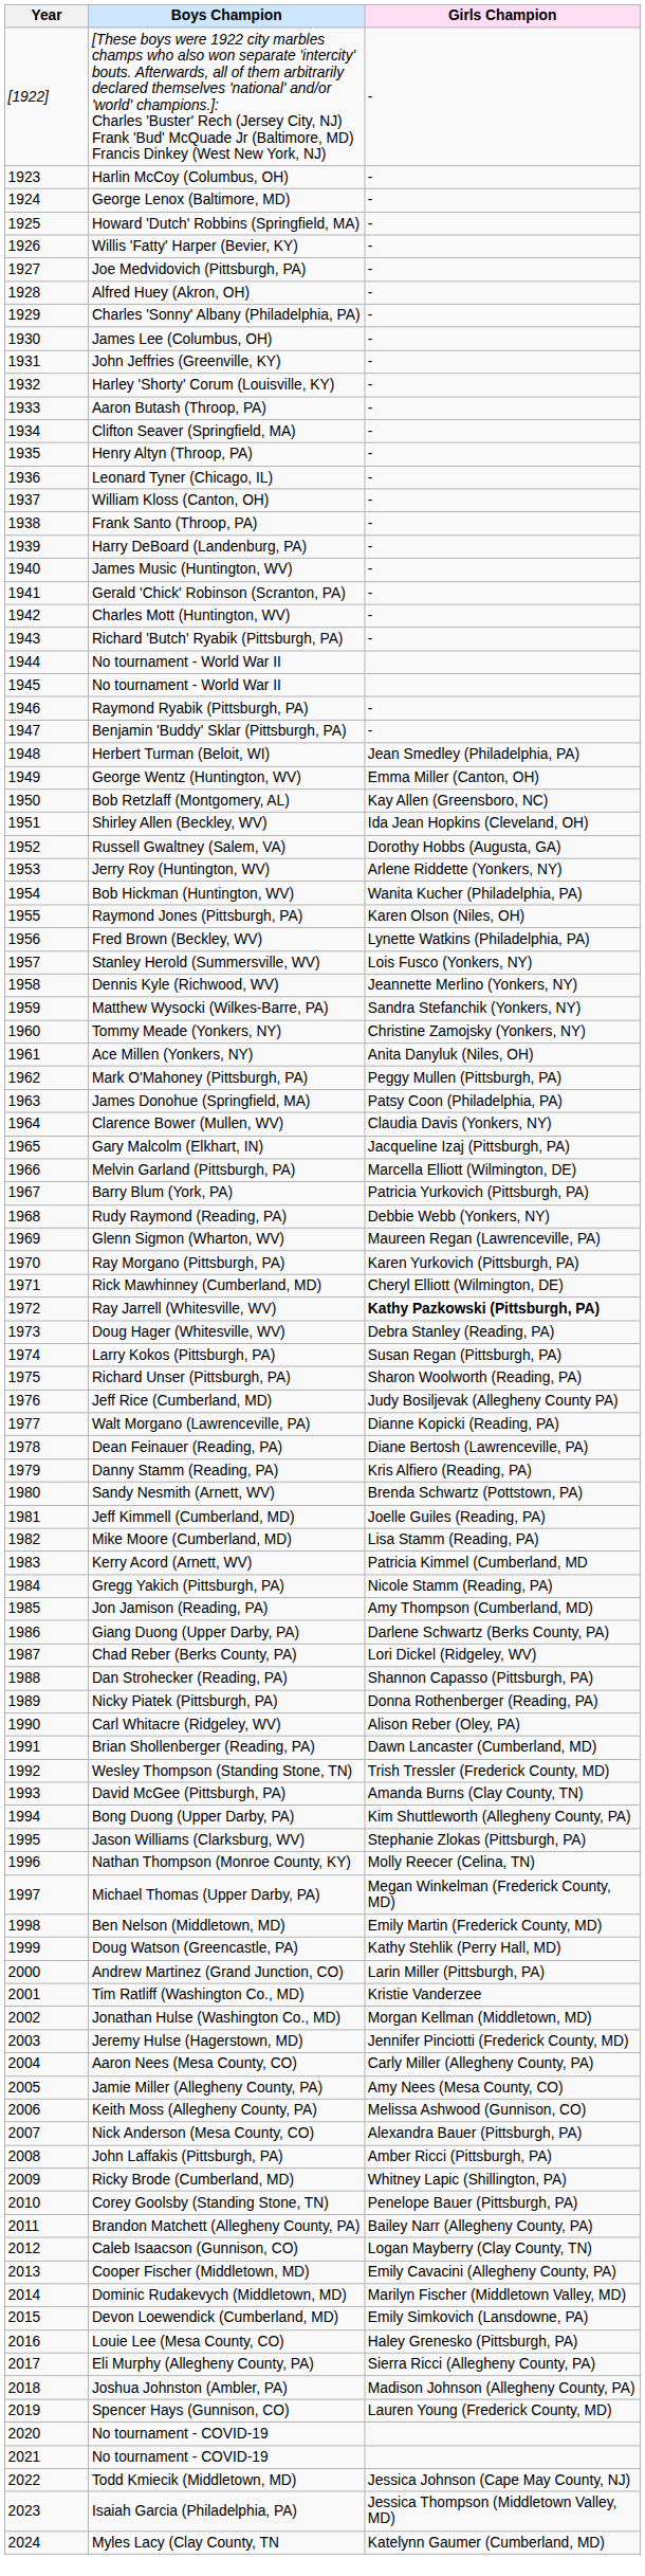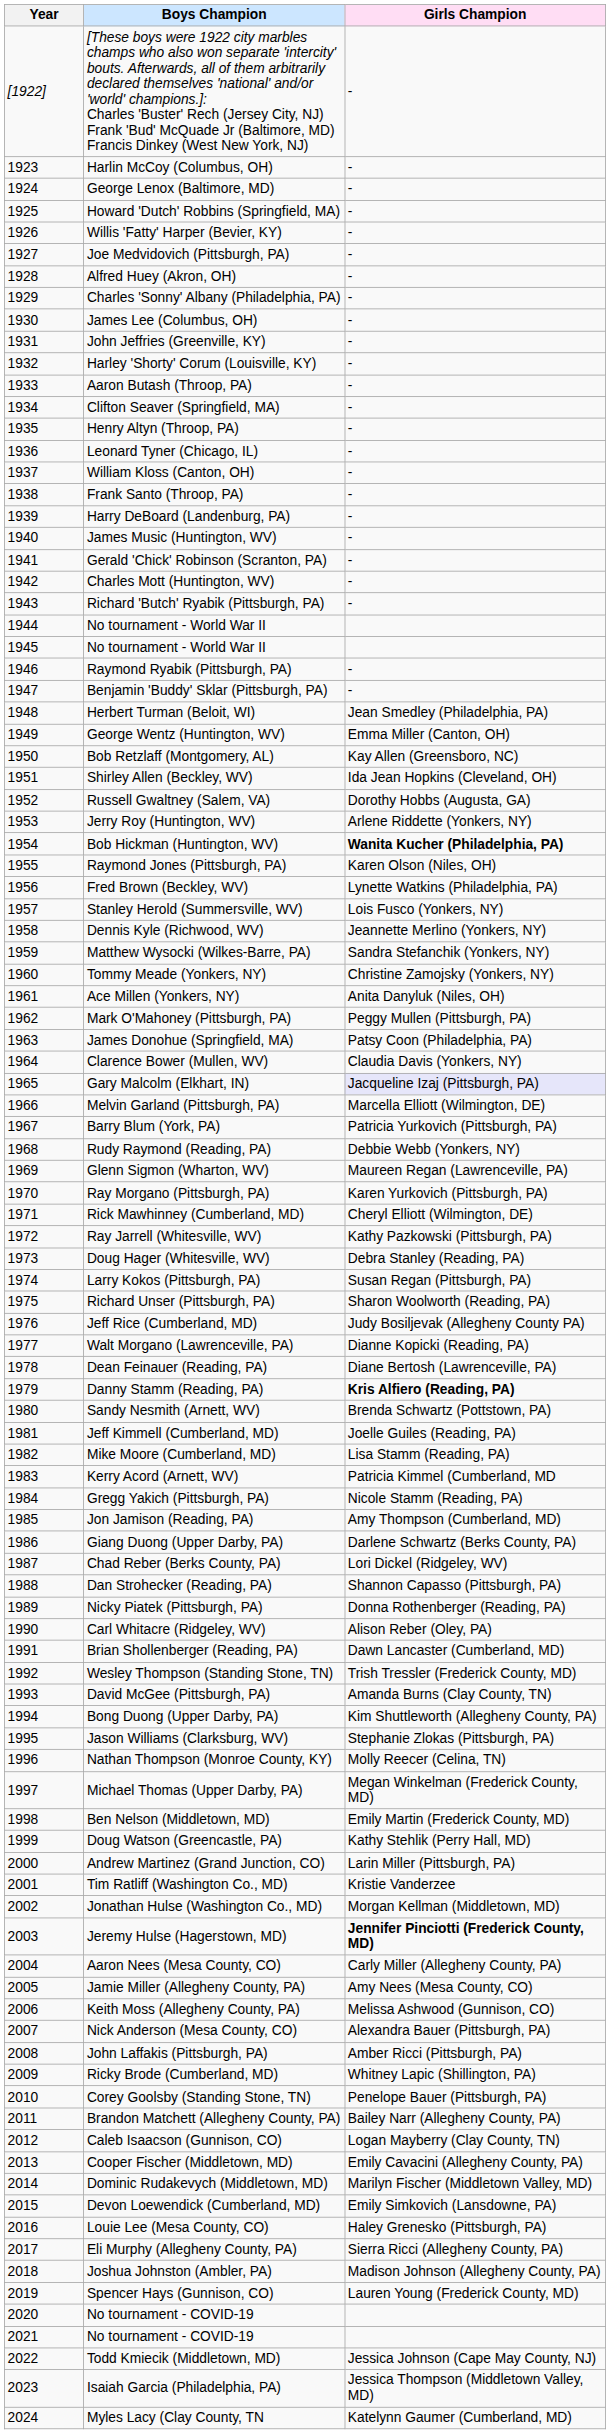 <table class="wikitable" style="text-align: left; width: 700px;">
 <tr>
 <th width="80">Year</th>
 <th width="280" style="background-color: #cce6ff">Boys Champion</th>
 <th width="280" style="background-color: #ffddf4">Girls Champion</th>
 </tr>
 <tr>
 <td><em>[1922]</em> </td>
 <td><em>[These boys were 1922 city marbles champs who also won separate 'intercity' bouts. Afterwards, all of them arbitrarily declared themselves 'national' and/or 'world' champions.]:</em><br>Charles 'Buster' Rech (Jersey City, NJ) <br>Frank 'Bud' McQuade Jr (Baltimore, MD) <br>Francis Dinkey (West New York, NJ) </td>
 <td>-</td>
 </tr>
 <tr>
 <td>1923 </td>
 <td>Harlin McCoy (Columbus, OH)  </td>
 <td>-</td>
 </tr>
 <tr>
 <td>1924</td>
 <td>George Lenox  (Baltimore, MD) </td>
 <td>-</td>
 </tr>
 <tr>
 <td>1925</td>
 <td>Howard 'Dutch' Robbins (Springfield, MA)  </td>
 <td>-</td>
 </tr>
 <tr>
 <td>1926</td>
 <td>Willis 'Fatty' Harper (Bevier, KY)  </td>
 <td>-</td>
 </tr>
 <tr>
 <td>1927</td>
 <td>Joe Medvidovich (Pittsburgh, PA)  </td>
 <td>-</td>
 </tr>
 <tr>
 <td>1928</td>
 <td>Alfred Huey (Akron, OH)  </td>
 <td>-</td>
 </tr>
 <tr>
 <td>1929 </td>
 <td>Charles 'Sonny' Albany (Philadelphia, PA)  </td>
 <td>-</td>
 </tr>
 <tr>
 <td>1930</td>
 <td>James Lee (Columbus, OH)  </td>
 <td>-</td>
 </tr>
 <tr>
 <td>1931</td>
 <td>John Jeffries (Greenville, KY)  </td>
 <td>-</td>
 </tr>
 <tr>
 <td>1932</td>
 <td>Harley 'Shorty' Corum (Louisville, KY)  </td>
 <td>-</td>
 </tr>
 <tr>
 <td>1933</td>
 <td>Aaron Butash (Throop, PA)  </td>
 <td>-</td>
 </tr>
 <tr>
 <td>1934</td>
 <td>Clifton Seaver (Springfield, MA) </td>
 <td>-</td>
 </tr>
 <tr>
 <td>1935</td>
 <td>Henry Altyn (Throop, PA)  </td>
 <td>-</td>
 </tr>
 <tr>
 <td>1936</td>
 <td>Leonard Tyner (Chicago, IL) </td>
 <td>-</td>
 </tr>
 <tr>
 <td>1937 </td>
 <td>William Kloss (Canton, OH) </td>
 <td>-</td>
 </tr>
 <tr>
 <td>1938</td>
 <td>Frank Santo (Throop, PA) </td>
 <td>-</td>
 </tr>
 <tr>
 <td>1939</td>
 <td>Harry DeBoard (Landenburg, PA) </td>
 <td>-</td>
 </tr>
 <tr>
 <td>1940</td>
 <td>James Music (Huntington, WV) </td>
 <td>-</td>
 </tr>
 <tr>
 <td>1941</td>
 <td>Gerald 'Chick' Robinson (Scranton, PA) </td>
 <td>-</td>
 </tr>
 <tr>
 <td>1942</td>
 <td>Charles Mott (Huntington, WV) </td>
 <td>-</td>
 </tr>
 <tr>
 <td>1943 </td>
 <td>Richard 'Butch' Ryabik (Pittsburgh, PA) </td>
 <td>-</td>
 </tr>
 <tr>
 <td>1944</td>
 <td>No tournament - World War II</td>
 <td></td>
 </tr>
 <tr>
 <td>1945</td>
 <td>No tournament - World War II</td>
 <td></td>
 </tr>
 <tr>
 <td>1946</td>
 <td>Raymond Ryabik (Pittsburgh, PA) </td>
 <td>-</td>
 </tr>
 <tr>
 <td>1947</td>
 <td>Benjamin 'Buddy' Sklar (Pittsburgh, PA) </td>
 <td>-</td>
 </tr>
 <tr>
 <td>1948</td>
 <td>Herbert Turman (Beloit, WI)</td>
 <td>Jean Smedley (Philadelphia, PA)</td>
 </tr>
 <tr>
 <td>1949 </td>
 <td>George Wentz (Huntington, WV)</td>
 <td>Emma Miller (Canton, OH)</td>
 </tr>
 <tr>
 <td>1950</td>
 <td>Bob Retzlaff (Montgomery, AL)</td>
 <td>Kay Allen (Greensboro, NC)</td>
 </tr>
 <tr>
 <td>1951</td>
 <td>Shirley Allen (Beckley, WV)</td>
 <td>Ida Jean Hopkins (Cleveland, OH)</td>
 </tr>
 <tr>
 <td>1952</td>
 <td>Russell Gwaltney (Salem, VA) </td>
 <td>Dorothy Hobbs (Augusta, GA)</td>
 </tr>
 <tr>
 <td>1953</td>
 <td>Jerry Roy (Huntington, WV)</td>
 <td>Arlene Riddette (Yonkers, NY)</td>
 </tr>
 <tr>
 <td>1954</td>
 <td>Bob Hickman (Huntington, WV)</td>
-<td>Wanita Kucher	(Philadelphia, PA)</td>
+<td><strong>Wanita Kucher	(Philadelphia, PA)</strong></td>
 </tr>
 <tr>
 <td>1955</td>
 <td>Raymond Jones (Pittsburgh, PA)</td>
 <td>Karen Olson (Niles, OH)</td>
 </tr>
 <tr>
 <td>1956</td>
 <td>Fred Brown (Beckley, WV)</td>
 <td>Lynette Watkins (Philadelphia, PA)</td>
 </tr>
 <tr>
 <td>1957</td>
 <td>Stanley Herold (Summersville, WV)</td>
 <td>Lois Fusco (Yonkers, NY)</td>
 </tr>
 <tr>
 <td>1958</td>
 <td>Dennis Kyle (Richwood, WV)</td>
 <td>Jeannette Merlino	(Yonkers, NY)</td>
 </tr>
 <tr>
 <td>1959</td>
 <td>Matthew Wysocki (Wilkes-Barre, PA)</td>
 <td>Sandra Stefanchik (Yonkers, NY)</td>
 </tr>
 <tr>
 <td>1960 </td>
 <td>Tommy Meade (Yonkers, NY)</td>
 <td>Christine Zamojsky (Yonkers, NY)</td>
 </tr>
 <tr>
 <td>1961</td>
 <td>Ace Millen (Yonkers, NY)</td>
 <td>Anita Danyluk (Niles, OH)</td>
 </tr>
 <tr>
 <td>1962</td>
 <td>Mark O'Mahoney (Pittsburgh, PA)</td>
 <td>Peggy Mullen (Pittsburgh, PA)</td>
 </tr>
 <tr>
 <td>1963</td>
 <td>James Donohue (Springfield, MA)</td>
 <td>Patsy Coon (Philadelphia, PA)</td>
 </tr>
 <tr>
 <td>1964</td>
 <td>Clarence Bower (Mullen, WV)</td>
 <td>Claudia Davis (Yonkers, NY)</td>
 </tr>
 <tr>
 <td>1965</td>
 <td>Gary Malcolm (Elkhart, IN)</td>
-<td>Jacqueline Izaj (Pittsburgh, PA)</td>
+<td style="background: lavender;">Jacqueline Izaj (Pittsburgh, PA)</td>
 </tr>
 <tr>
 <td>1966</td>
 <td>Melvin Garland (Pittsburgh, PA)</td>
 <td>Marcella Elliott	(Wilmington, DE)</td>
 </tr>
 <tr>
 <td>1967</td>
 <td>Barry Blum (York, PA)</td>
 <td>Patricia Yurkovich (Pittsburgh, PA)</td>
 </tr>
 <tr>
 <td>1968</td>
 <td>Rudy Raymond (Reading, PA)</td>
 <td>Debbie Webb (Yonkers, NY)</td>
 </tr>
 <tr>
 <td>1969</td>
 <td>Glenn Sigmon (Wharton, WV)</td>
 <td>Maureen Regan (Lawrenceville, PA)</td>
 </tr>
 <tr>
 <td>1970</td>
 <td>Ray Morgano (Pittsburgh, PA)</td>
 <td>Karen Yurkovich (Pittsburgh, PA)</td>
 </tr>
 <tr>
 <td>1971</td>
 <td>Rick Mawhinney (Cumberland, MD)</td>
 <td>Cheryl Elliott (Wilmington, DE)</td>
 </tr>
 <tr>
 <td>1972</td>
 <td>Ray Jarrell (Whitesville, WV)</td>
-<td><strong>Kathy Pazkowski (Pittsburgh, PA)</strong></td>
+<td>Kathy Pazkowski (Pittsburgh, PA)</td>
 </tr>
 <tr>
 <td>1973</td>
 <td>Doug Hager (Whitesville, WV)</td>
 <td>Debra Stanley (Reading, PA) </td>
 </tr>
 <tr>
 <td>1974</td>
 <td>Larry Kokos (Pittsburgh, PA)</td>
 <td>Susan Regan (Pittsburgh, PA)</td>
 </tr>
 <tr>
 <td>1975</td>
 <td>Richard Unser (Pittsburgh, PA) </td>
 <td>Sharon Woolworth (Reading, PA)</td>
 </tr>
 <tr>
 <td>1976</td>
 <td>Jeff Rice (Cumberland, MD)</td>
 <td>Judy Bosiljevak (Allegheny County	PA)</td>
 </tr>
 <tr>
 <td>1977</td>
 <td>Walt Morgano (Lawrenceville, PA)</td>
 <td>Dianne Kopicki (Reading, PA)</td>
 </tr>
 <tr>
 <td>1978</td>
 <td>Dean Feinauer (Reading, PA)</td>
 <td>Diane Bertosh (Lawrenceville, PA)</td>
 </tr>
 <tr>
 <td>1979</td>
 <td>Danny Stamm (Reading, PA)</td>
-<td>Kris Alfiero (Reading, PA) </td>
+<td><strong>Kris Alfiero (Reading, PA) </strong></td>
 </tr>
 <tr>
 <td>1980</td>
 <td>Sandy Nesmith (Arnett, WV)</td>
 <td>Brenda Schwartz (Pottstown, PA)</td>
 </tr>
 <tr>
 <td>1981</td>
 <td>Jeff Kimmell (Cumberland, MD) </td>
 <td>Joelle Guiles (Reading, PA) </td>
 </tr>
 <tr>
 <td>1982</td>
 <td>Mike Moore (Cumberland, MD) </td>
 <td>Lisa Stamm (Reading, PA)</td>
 </tr>
 <tr>
 <td>1983</td>
 <td>Kerry Acord (Arnett, WV)</td>
 <td>Patricia Kimmel (Cumberland, MD</td>
 </tr>
 <tr>
 <td>1984</td>
 <td>Gregg Yakich (Pittsburgh, PA)</td>
 <td>Nicole Stamm (Reading, PA)</td>
 </tr>
 <tr>
 <td>1985</td>
 <td>Jon Jamison (Reading, PA)</td>
 <td>Amy Thompson (Cumberland, MD)</td>
 </tr>
 <tr>
 <td>1986</td>
 <td>Giang Duong	(Upper Darby, PA)</td>
 <td>Darlene Schwartz (Berks County, PA)</td>
 </tr>
 <tr>
 <td>1987</td>
 <td>Chad Reber (Berks County, PA)</td>
 <td>Lori Dickel (Ridgeley, WV)</td>
 </tr>
 <tr>
 <td>1988</td>
 <td>Dan Strohecker (Reading, PA)</td>
 <td>Shannon Capasso (Pittsburgh, PA) </td>
 </tr>
 <tr>
 <td>1989</td>
 <td>Nicky Piatek (Pittsburgh, PA) </td>
 <td>Donna Rothenberger (Reading, PA) </td>
 </tr>
 <tr>
 <td>1990</td>
 <td>Carl Whitacre (Ridgeley, WV) </td>
 <td>Alison Reber (Oley, PA) </td>
 </tr>
 <tr>
 <td>1991</td>
 <td>Brian Shollenberger (Reading, PA) </td>
 <td>Dawn Lancaster (Cumberland, MD) </td>
 </tr>
 <tr>
 <td>1992</td>
 <td>Wesley Thompson (Standing Stone, TN) </td>
 <td>Trish Tressler (Frederick County, MD) </td>
 </tr>
 <tr>
 <td>1993</td>
 <td>David McGee	(Pittsburgh, PA) </td>
 <td>Amanda Burns (Clay County, TN)</td>
 </tr>
 <tr>
 <td>1994</td>
 <td>Bong Duong (Upper Darby, PA) </td>
 <td>Kim Shuttleworth (Allegheny County, PA)  </td>
 </tr>
 <tr>
 <td>1995</td>
 <td>Jason Williams (Clarksburg, WV)</td>
 <td>Stephanie Zlokas (Pittsburgh, PA)</td>
 </tr>
 <tr>
 <td>1996</td>
 <td>Nathan Thompson (Monroe County, KY)</td>
 <td>Molly Reecer (Celina, TN)</td>
 </tr>
 <tr>
 <td>1997</td>
 <td>Michael Thomas (Upper Darby, PA)</td>
 <td>Megan Winkelman	 (Frederick County, MD) </td>
 </tr>
 <tr>
 <td>1998</td>
 <td>Ben Nelson (Middletown, MD)</td>
 <td>Emily Martin (Frederick County, MD)</td>
 </tr>
 <tr>
 <td>1999</td>
 <td>Doug Watson	(Greencastle, PA)</td>
 <td>Kathy Stehlik (Perry Hall, MD)</td>
 </tr>
 <tr>
 <td>2000</td>
 <td>Andrew Martinez (Grand Junction, CO)</td>
 <td>Larin Miller (Pittsburgh, PA)</td>
 </tr>
 <tr>
 <td>2001</td>
 <td>Tim Ratliff (Washington Co.,	MD)</td>
 <td>Kristie Vanderzee</td>
 </tr>
 <tr>
 <td>2002</td>
 <td>Jonathan Hulse (Washington Co., MD)</td>
 <td>Morgan Kellman (Middletown, MD)</td>
 </tr>
 <tr>
 <td>2003</td>
 <td>Jeremy Hulse (Hagerstown, MD)</td>
-<td>Jennifer Pinciotti (Frederick County, MD)</td>
+<td><strong>Jennifer Pinciotti (Frederick County, MD)</strong></td>
 </tr>
 <tr>
 <td>2004</td>
 <td>Aaron Nees (Mesa County, CO)</td>
 <td>Carly Miller (Allegheny County, PA)</td>
 </tr>
 <tr>
 <td>2005</td>
 <td>Jamie Miller (Allegheny County, PA)</td>
 <td>Amy Nees (Mesa County, CO)</td>
 </tr>
 <tr>
 <td>2006</td>
 <td>Keith Moss (Allegheny County, PA)</td>
 <td>Melissa Ashwood (Gunnison, CO)</td>
 </tr>
 <tr>
 <td>2007</td>
 <td>Nick Anderson (Mesa County, CO)</td>
 <td>Alexandra Bauer (Pittsburgh, PA)</td>
 </tr>
 <tr>
 <td>2008</td>
 <td>John Laffakis	(Pittsburgh, PA)</td>
 <td>Amber Ricci (Pittsburgh, PA)</td>
 </tr>
 <tr>
 <td>2009</td>
 <td>Ricky Brode (Cumberland, MD)</td>
 <td>Whitney Lapic (Shillington, PA)</td>
 </tr>
 <tr>
 <td>2010</td>
 <td>Corey Goolsby (Standing Stone, TN)</td>
 <td>Penelope Bauer (Pittsburgh, PA)</td>
 </tr>
 <tr>
 <td>2011</td>
 <td>Brandon Matchett (Allegheny County, PA)</td>
 <td>Bailey Narr (Allegheny County, PA)</td>
 </tr>
 <tr>
 <td>2012</td>
 <td>Caleb Isaacson (Gunnison, CO)</td>
 <td>Logan Mayberry (Clay County, TN)</td>
 </tr>
 <tr>
 <td>2013</td>
 <td>Cooper Fischer (Middletown, MD)</td>
 <td>Emily Cavacini (Allegheny County, PA)</td>
 </tr>
 <tr>
 <td>2014</td>
 <td>Dominic Rudakevych (Middletown, MD)</td>
 <td>Marilyn Fischer (Middletown Valley, MD) </td>
 </tr>
 <tr>
 <td>2015</td>
 <td>Devon Loewendick (Cumberland, MD)</td>
 <td>Emily Simkovich (Lansdowne, PA)</td>
 </tr>
 <tr>
 <td>2016</td>
 <td>Louie Lee (Mesa County, CO)</td>
 <td>Haley Grenesko (Pittsburgh, PA)</td>
 </tr>
 <tr>
 <td>2017</td>
 <td>Eli Murphy (Allegheny County, PA)</td>
 <td>Sierra Ricci (Allegheny County, PA)</td>
 </tr>
 <tr>
 <td>2018</td>
 <td>Joshua Johnston (Ambler, PA)</td>
 <td>Madison Johnson (Allegheny County, PA)</td>
 </tr>
 <tr>
 <td>2019</td>
 <td>Spencer Hays  (Gunnison, CO)</td>
 <td>Lauren Young (Frederick County, MD)</td>
 </tr>
 <tr>
 <td>2020</td>
 <td>No tournament - COVID-19</td>
 <td></td>
 </tr>
 <tr>
 <td>2021</td>
 <td>No tournament - COVID-19</td>
 <td></td>
 </tr>
 <tr>
 <td>2022</td>
 <td>Todd Kmiecik (Middletown, MD)</td>
 <td>Jessica Johnson (Cape May County, NJ)</td>
 </tr>
 <tr>
 <td>2023</td>
 <td>Isaiah Garcia	(Philadelphia, PA)</td>
 <td>Jessica Thompson (Middletown Valley, MD)</td>
 </tr>
 <tr>
 <td>2024</td>
 <td>Myles Lacy (Clay County, TN </td>
 <td>Katelynn Gaumer (Cumberland, MD) </td>
 </tr>
 </table>
